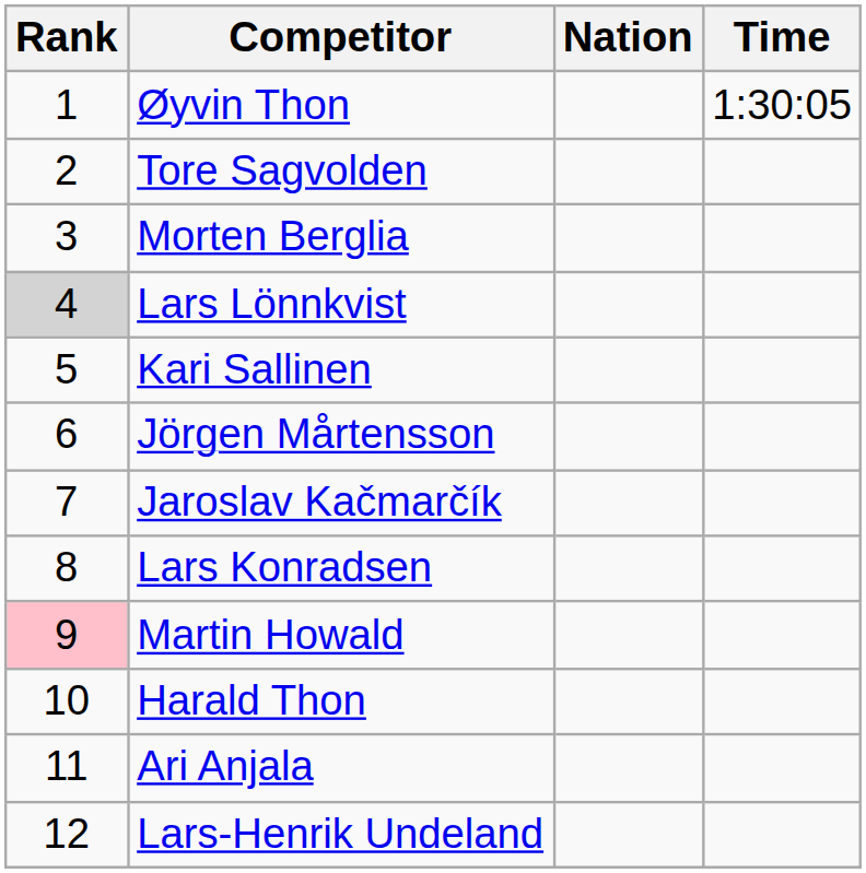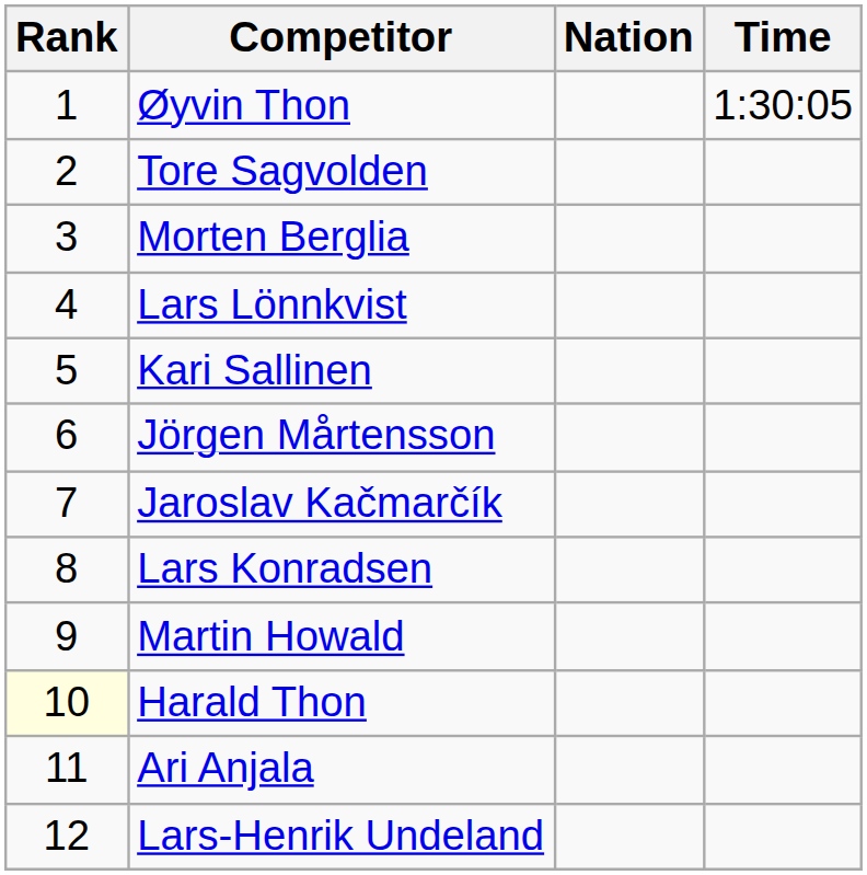 <table class="wikitable sortable" style="text-align:left">
 <tr>
 <th data-sort-type="number">Rank</th>
 <th class="unsortable">Competitor</th>
 <th>Nation</th>
 <th>Time</th>
 </tr>
 <tr>
 <td style="text-align:center">1</td>
 <td><a href='#'>Øyvin Thon</a></td>
 <td></td>
 <td style="text-align:right">1:30:05</td>
 </tr>
 <tr>
 <td style="text-align:center">2</td>
 <td><a href='#'>Tore Sagvolden</a></td>
 <td></td>
 <td style="text-align:right"></td>
 </tr>
 <tr>
 <td style="text-align:center">3</td>
 <td><a href='#'>Morten Berglia</a></td>
 <td></td>
 <td style="text-align:right"></td>
 </tr>
 <tr>
-<td style="background: lightgrey; text-align:center">4</td>
+<td style="text-align:center">4</td>
 <td><a href='#'>Lars Lönnkvist</a></td>
 <td></td>
 <td style="text-align:right"></td>
 </tr>
 <tr>
 <td style="text-align:center">5</td>
 <td><a href='#'>Kari Sallinen</a></td>
 <td></td>
 <td style="text-align:right"></td>
 </tr>
 <tr>
 <td style="text-align:center">6</td>
 <td><a href='#'>Jörgen Mårtensson</a></td>
 <td></td>
 <td style="text-align:right"></td>
 </tr>
 <tr>
 <td style="text-align:center">7</td>
 <td><a href='#'>Jaroslav Kačmarčík</a></td>
 <td></td>
 <td style="text-align:right"></td>
 </tr>
 <tr>
 <td style="text-align:center">8</td>
 <td><a href='#'>Lars Konradsen</a></td>
 <td></td>
 <td style="text-align:right"></td>
 </tr>
 <tr>
-<td style="background: pink; text-align:center">9</td>
+<td style="text-align:center">9</td>
 <td><a href='#'>Martin Howald</a></td>
 <td></td>
 <td style="text-align:right"></td>
 </tr>
 <tr>
-<td style="text-align:center">10</td>
+<td style="background: lightyellow; text-align:center">10</td>
 <td><a href='#'>Harald Thon</a></td>
 <td></td>
 <td style="text-align:right"></td>
 </tr>
 <tr>
 <td style="text-align:center">11</td>
 <td><a href='#'>Ari Anjala</a></td>
 <td></td>
 <td style="text-align:right"></td>
 </tr>
 <tr>
 <td style="text-align:center">12</td>
 <td><a href='#'>Lars-Henrik Undeland</a></td>
 <td></td>
 <td style="text-align:right"></td>
 </tr>
 <tr>
 </tr>
 </table>
